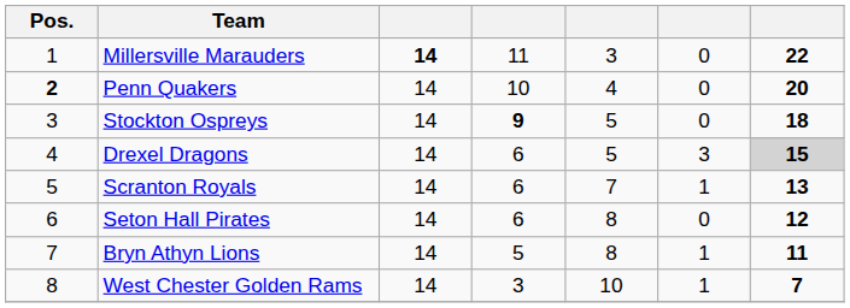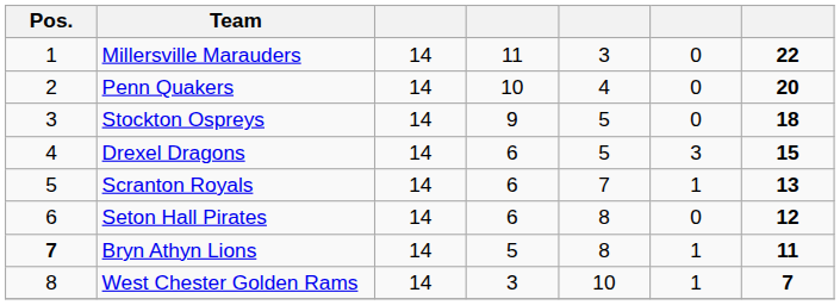 <table class="wikitable sortable">
 <tr>
 <th style="width: 4em;">Pos.</th>
 <th style="width: 13em;">Team</th>
 <th style="width: 4em;"></th>
 <th style="width: 4em;"></th>
 <th style="width: 4em;"></th>
 <th style="width: 4em;"></th>
 <th style="width: 4em;"></th>
 </tr>
 <tr style="text-align:center;">
 <td style="text-align:center;">1</td>
 <td style="text-align:left;"><a href='#'>Millersville Marauders</a></td>
-<td><strong>14</strong></td>
+<td>14</td>
 <td>11</td>
 <td>3</td>
 <td>0</td>
 <td><strong>22</strong></td>
 </tr>
 <tr style="text-align:center;">
-<td style="text-align:center;"><strong>2</strong></td>
+<td style="text-align:center;">2</td>
 <td style="text-align:left;"><a href='#'>Penn Quakers</a></td>
 <td>14</td>
 <td>10</td>
 <td>4</td>
 <td>0</td>
 <td><strong>20</strong></td>
 </tr>
 <tr style="text-align:center;">
 <td style="text-align:center;">3</td>
 <td style="text-align:left;"><a href='#'>Stockton Ospreys</a></td>
 <td>14</td>
-<td><strong>9</strong></td>
+<td>9</td>
 <td>5</td>
 <td>0</td>
 <td><strong>18</strong></td>
 </tr>
 <tr style="text-align:center;">
 <td style="text-align:center;">4</td>
 <td style="text-align:left;"><a href='#'>Drexel Dragons</a></td>
 <td>14</td>
 <td>6</td>
 <td>5</td>
 <td>3</td>
-<td style="background: lightgrey;"><strong>15</strong></td>
+<td><strong>15</strong></td>
 </tr>
 <tr style="text-align:center;">
 <td style="text-align:center;">5</td>
 <td style="text-align:left;"><a href='#'>Scranton Royals</a></td>
 <td>14</td>
 <td>6</td>
 <td>7</td>
 <td>1</td>
 <td><strong>13</strong></td>
 </tr>
 <tr style="text-align:center;">
 <td style="text-align:center;">6</td>
 <td style="text-align:left;"><a href='#'>Seton Hall Pirates</a></td>
 <td>14</td>
 <td>6</td>
 <td>8</td>
 <td>0</td>
 <td><strong>12</strong></td>
 </tr>
 <tr style="text-align:center;">
-<td style="text-align:center;">7</td>
+<td style="text-align:center;"><strong>7</strong></td>
 <td style="text-align:left;"><a href='#'>Bryn Athyn Lions</a></td>
 <td>14</td>
 <td>5</td>
 <td>8</td>
 <td>1</td>
 <td><strong>11</strong></td>
 </tr>
 <tr style="text-align:center;">
 <td style="text-align:center;">8</td>
 <td style="text-align:left;"><a href='#'>West Chester Golden Rams</a></td>
 <td>14</td>
 <td>3</td>
 <td>10</td>
 <td>1</td>
 <td><strong>7</strong></td>
 </tr>
 <tr style="text-align:center;">
 </tr>
 </table>
